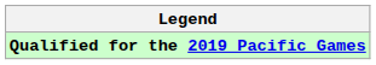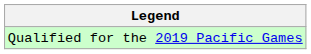 <table class="wikitable">
 <tr>
 <th>Legend</th>
 </tr>
 <tr bgcolor=ccffcc>
-<td><strong>Qualified for the <a href='#'>2019 Pacific Games</a></strong></td>
+<td>Qualified for the <a href='#'>2019 Pacific Games</a></td>
 </tr>
 </table>
